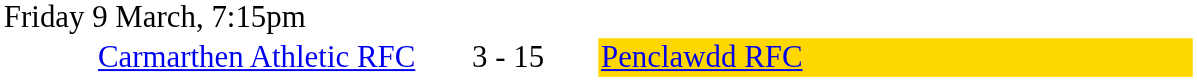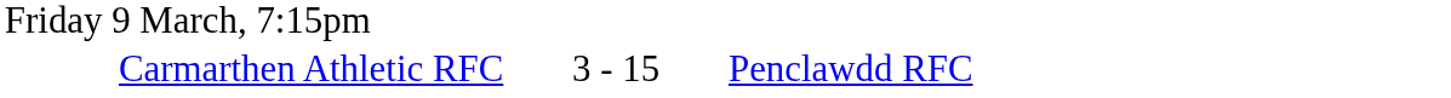 <table style="width:70%;" cellspacing="1">
 <tr>
 <th width=35%></th>
 <th width=15%></th>
 <th></th>
 </tr>
 <tr>
 <td>Friday 9 March, 7:15pm</td>
 </tr>
 <tr>
 <td align=right><a href='#'>Carmarthen Athletic RFC</a></td>
 <td align=center>3 - 15</td>
-<td style="background: gold;"><a href='#'>Penclawdd RFC</a></td>
+<td><a href='#'>Penclawdd RFC</a></td>
 </tr>
 </table>
